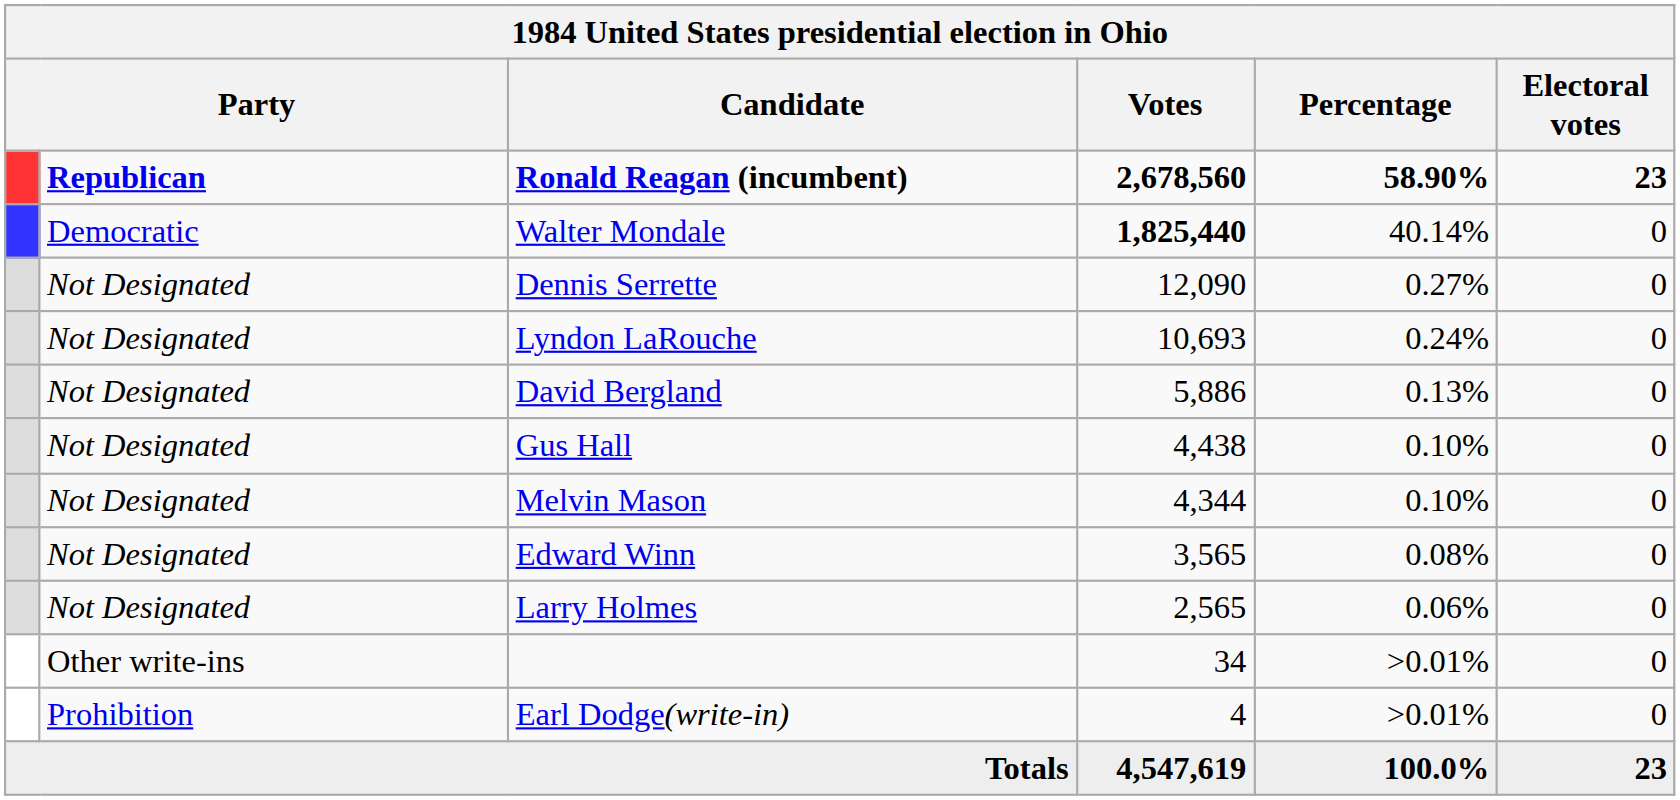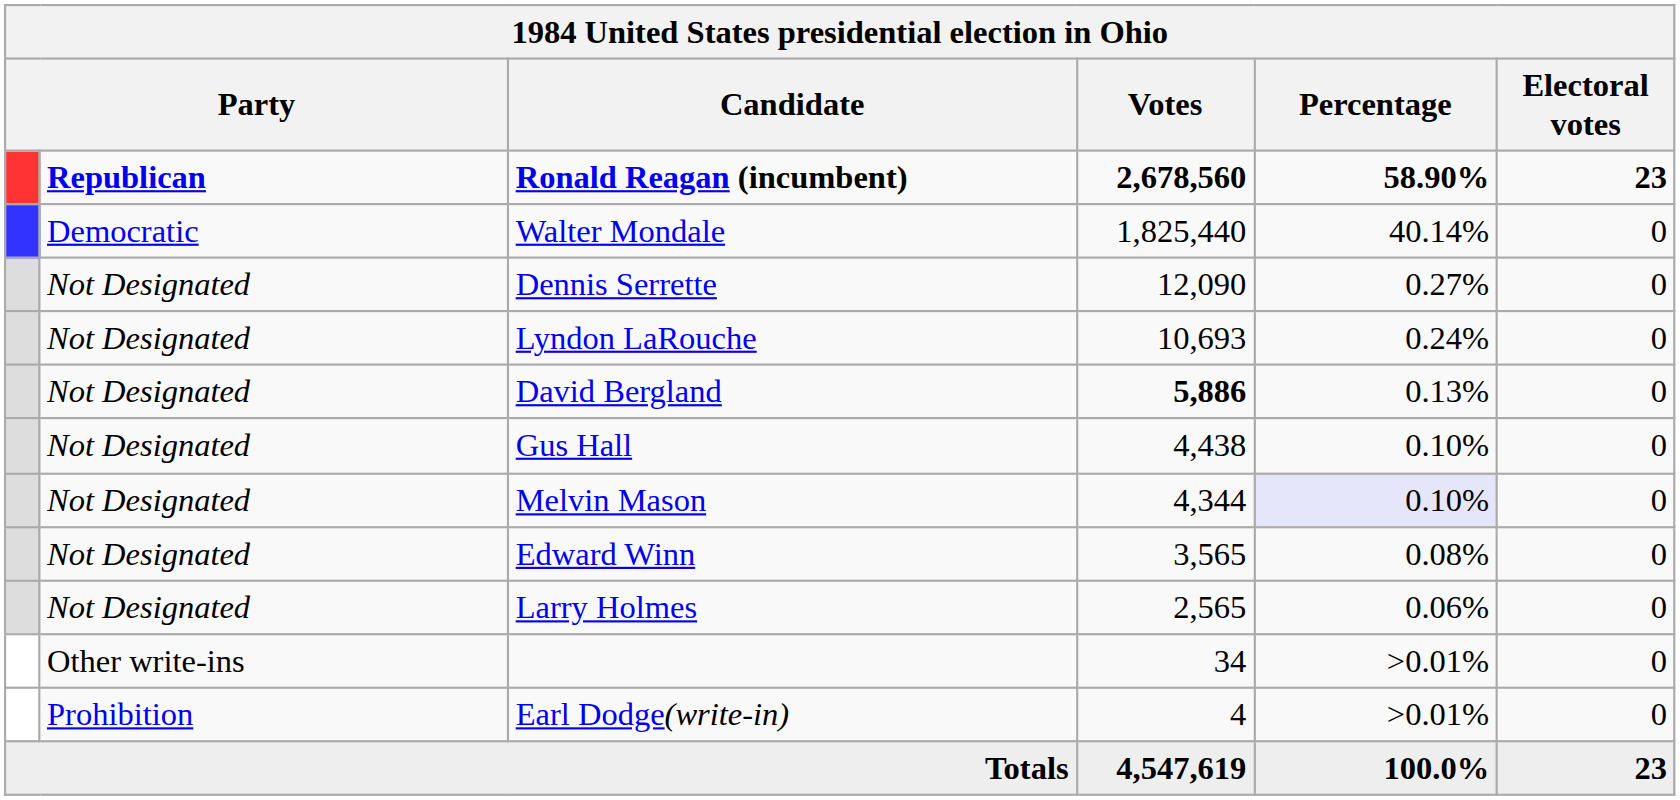 <table class="wikitable" style="font-size: 95%;">
 <tr>
 <th colspan="6">1984 United States presidential election in Ohio</th>
 </tr>
 <tr>
 <th colspan="2" style="width: 15em">Party</th>
 <th style="width: 17em">Candidate</th>
 <th style="width: 5em">Votes</th>
 <th style="width: 7em">Percentage</th>
 <th style="width: 5em">Electoral votes</th>
 </tr>
 <tr>
 <th style="background:#f33; width:3px;"></th>
 <td style="width: 130px"><strong><a href='#'>Republican</a></strong></td>
 <td><strong><a href='#'>Ronald Reagan</a> (incumbent)</strong></td>
 <td style="text-align:right;"><strong>2,678,560</strong></td>
 <td style="text-align:right;"><strong>58.90%</strong></td>
 <td style="text-align:right;"><strong>23</strong></td>
 </tr>
 <tr>
 <th style="background:#33f; width:3px;"></th>
 <td style="width: 130px"><a href='#'>Democratic</a></td>
 <td><a href='#'>Walter Mondale</a></td>
-<td style="text-align:right;"><strong>1,825,440</strong></td>
+<td style="text-align:right;">1,825,440</td>
 <td style="text-align:right;">40.14%</td>
 <td style="text-align:right;">0</td>
 </tr>
 <tr>
 <th style="background: #DDDDDD; width:3px;"></th>
 <td style="width: 130px"><em>Not Designated</em></td>
 <td><a href='#'>Dennis Serrette</a></td>
 <td style="text-align:right;">12,090</td>
 <td style="text-align:right;">0.27%</td>
 <td style="text-align:right;">0</td>
 </tr>
 <tr>
 <th style="background: #DDDDDD; width:3px;"></th>
 <td style="width: 130px"><em>Not Designated</em></td>
 <td><a href='#'>Lyndon LaRouche</a></td>
 <td style="text-align:right;">10,693</td>
 <td style="text-align:right;">0.24%</td>
 <td style="text-align:right;">0</td>
 </tr>
 <tr>
 <th style="background: #DDDDDD; width:3px;"></th>
 <td style="width: 130px"><em>Not Designated</em></td>
 <td><a href='#'>David Bergland</a></td>
-<td style="text-align:right;">5,886</td>
+<td style="text-align:right;"><strong>5,886</strong></td>
 <td style="text-align:right;">0.13%</td>
 <td style="text-align:right;">0</td>
 </tr>
 <tr>
 <th style="background: #DDDDDD; width:3px;"></th>
 <td style="width: 130px"><em>Not Designated</em></td>
 <td><a href='#'>Gus Hall</a></td>
 <td style="text-align:right;">4,438</td>
 <td style="text-align:right;">0.10%</td>
 <td style="text-align:right;">0</td>
 </tr>
 <tr>
 <th style="background: #DDDDDD; width:3px;"></th>
 <td style="width: 130px"><em>Not Designated</em></td>
 <td><a href='#'>Melvin Mason</a></td>
 <td style="text-align:right;">4,344</td>
-<td style="text-align:right;">0.10%</td>
+<td style="background: lavender; text-align:right;">0.10%</td>
 <td style="text-align:right;">0</td>
 </tr>
 <tr>
 <th style="background: #DDDDDD; width:3px;"></th>
 <td style="width: 130px"><em>Not Designated</em></td>
 <td><a href='#'>Edward Winn</a></td>
 <td style="text-align:right;">3,565</td>
 <td style="text-align:right;">0.08%</td>
 <td style="text-align:right;">0</td>
 </tr>
 <tr>
 <th style="background: #DDDDDD; width:3px;"></th>
 <td style="width: 130px"><em>Not Designated</em></td>
 <td><a href='#'>Larry Holmes</a></td>
 <td style="text-align:right;">2,565</td>
 <td style="text-align:right;">0.06%</td>
 <td style="text-align:right;">0</td>
 </tr>
 <tr>
 <th style="background:#FFFFFF; width:3px;"></th>
 <td style="width: 130px">Other write-ins</td>
 <td></td>
 <td style="text-align:right;">34</td>
 <td style="text-align:right;">>0.01%</td>
 <td style="text-align:right;">0</td>
 </tr>
 <tr>
 <th style="background: #FFFFFF; width:3px;"></th>
 <td style="width: 130px"><a href='#'>Prohibition</a></td>
 <td><a href='#'>Earl Dodge</a><em>(write-in)</em></td>
 <td style="text-align:right;">4</td>
 <td style="text-align:right;">>0.01%</td>
 <td style="text-align:right;">0</td>
 </tr>
 <tr style="background:#eee; text-align:right;">
 <td colspan="3"><strong>Totals</strong></td>
 <td><strong>4,547,619</strong></td>
 <td><strong>100.0%</strong></td>
 <td><strong>23</strong></td>
 </tr>
 </table>
